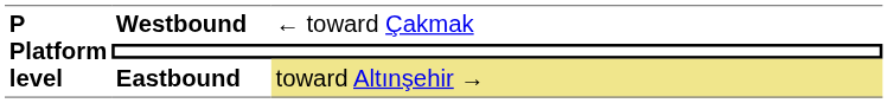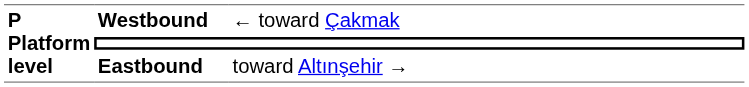 <table border="0" cellspacing="0" cellpadding="3">
 <tr>
 <td rowspan="3" style="border-top:solid 1px gray;border-bottom:solid 1px gray;" width="50" valign="top"><strong>P<br>Platform level</strong></td>
 <td style="border-top:solid 1px gray;" width="100"><strong>Westbound</strong></td>
 <td style="border-top:solid 1px gray;" width="400">←  toward <a href='#'>Çakmak</a></td>
 </tr>
 <tr>
 <td colspan="2" style="border-top:solid 2px black;border-right:solid 2px black;border-left:solid 2px black;border-bottom:solid 2px black;text-align:center;"></td>
 </tr>
 <tr>
 <td style="border-bottom:solid 1px gray;"><strong>Eastbound</strong></td>
-<td style="background: khaki; border-bottom:solid 1px gray;"> toward <a href='#'>Altınşehir</a> →</td>
+<td style="border-bottom:solid 1px gray;"> toward <a href='#'>Altınşehir</a> →</td>
 </tr>
 </table>
